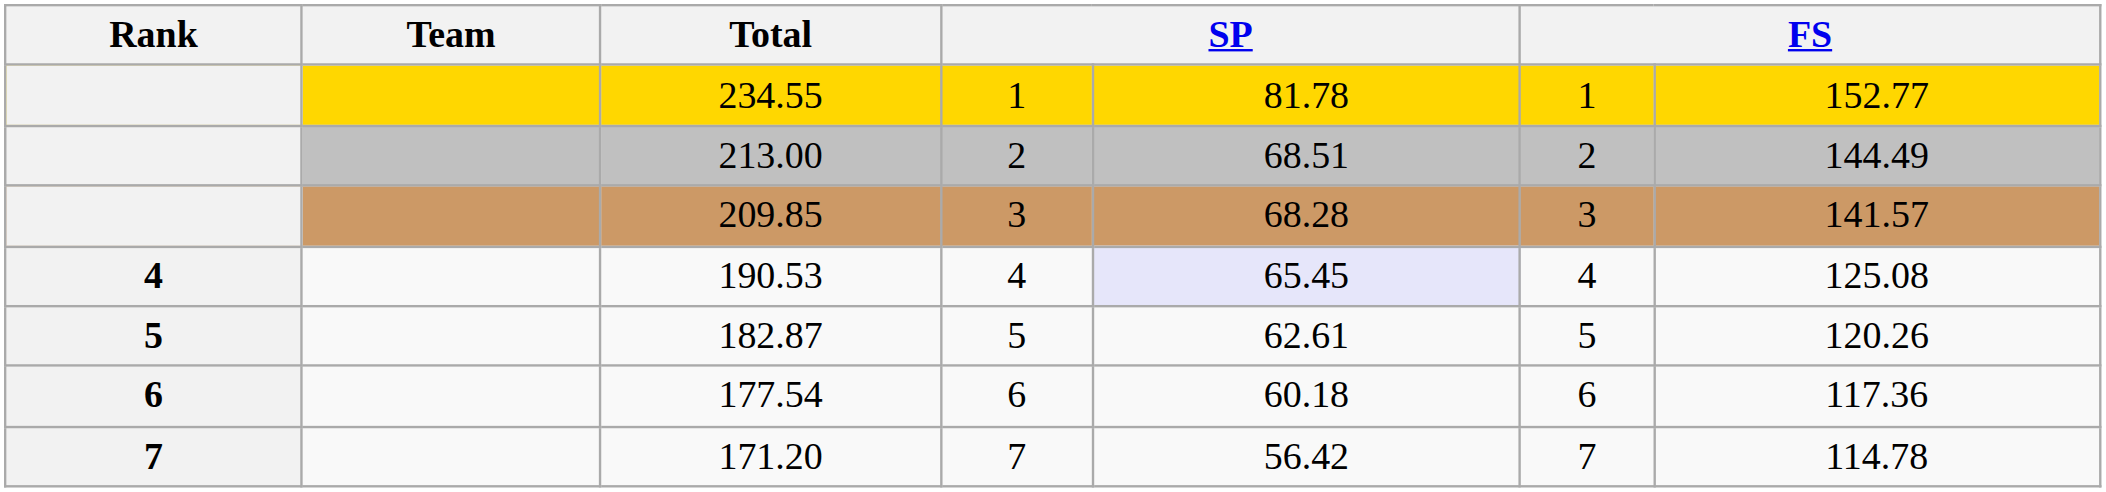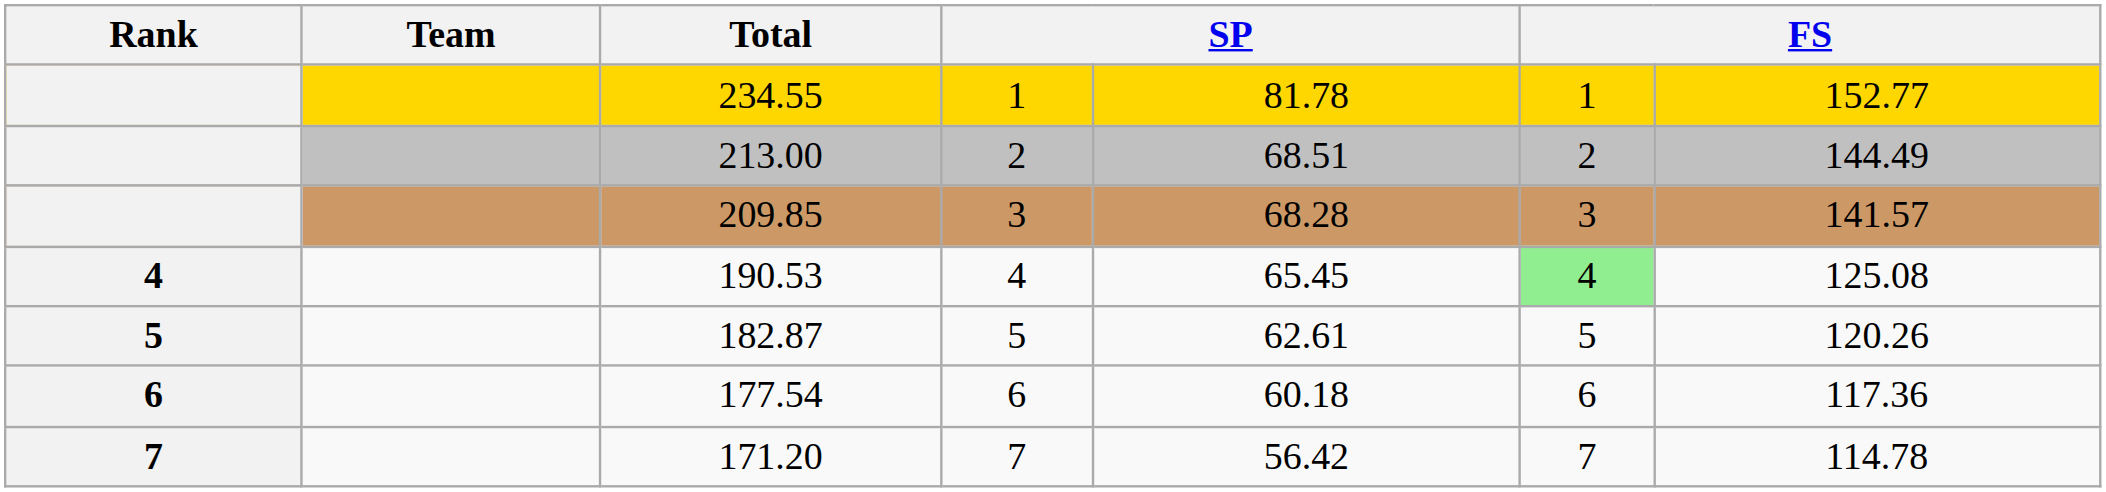 <table class="wikitable sortable" style="text-align:center; width:70%">
 <tr>
 <th scope="col">Rank</th>
 <th scope="col">Team</th>
 <th scope="col">Total</th>
 <th scope="col" colspan="2" width="80px"><a href='#'>SP</a></th>
 <th scope="col" colspan="2" width="80px"><a href='#'>FS</a></th>
 </tr>
 <tr bgcolor="gold">
 <th scope="row"></th>
 <td align="left"></td>
 <td align="center">234.55</td>
 <td align="center">1</td>
 <td align="center">81.78</td>
 <td align="center">1</td>
 <td align="center">152.77</td>
 </tr>
 <tr bgcolor="silver">
 <th scope="row"></th>
 <td align="left"></td>
 <td align="center">213.00</td>
 <td align="center">2</td>
 <td align="center">68.51</td>
 <td align="center">2</td>
 <td align="center">144.49</td>
 </tr>
 <tr bgcolor="cc9966">
 <th scope="row"></th>
 <td align="left"></td>
 <td align="center">209.85</td>
 <td align="center">3</td>
 <td align="center">68.28</td>
 <td align="center">3</td>
 <td align="center">141.57</td>
 </tr>
 <tr>
 <th scope="row">4</th>
 <td align="left"></td>
 <td align="center">190.53</td>
 <td align="center">4</td>
-<td align="center" style="background: lavender;">65.45</td>
-<td align="center">4</td>
+<td align="center">65.45</td>
+<td align="center" style="background: lightgreen;">4</td>
 <td align="center">125.08</td>
 </tr>
 <tr>
 <th scope="row">5</th>
 <td align="left"></td>
 <td align="center">182.87</td>
 <td align="center">5</td>
 <td align="center">62.61</td>
 <td align="center">5</td>
 <td align="center">120.26</td>
 </tr>
 <tr>
 <th scope="row">6</th>
 <td align="left"></td>
 <td align="center">177.54</td>
 <td align="center">6</td>
 <td align="center">60.18</td>
 <td align="center">6</td>
 <td align="center">117.36</td>
 </tr>
 <tr>
 <th scope="row">7</th>
 <td align="left"></td>
 <td align="center">171.20</td>
 <td align="center">7</td>
 <td align="center">56.42</td>
 <td align="center">7</td>
 <td align="center">114.78</td>
 </tr>
 </table>
